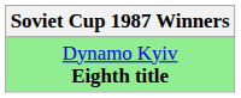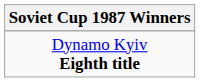 <table class="wikitable" style="text-align: center; margin: 0 auto;">
 <tr>
 <th>Soviet Cup 1987 Winners</th>
 </tr>
 <tr>
 </tr>
 <tr>
-<td style="background: lightgreen;"><a href='#'>Dynamo Kyiv</a><br><strong>Eighth title</strong></td>
+<td><a href='#'>Dynamo Kyiv</a><br><strong>Eighth title</strong></td>
 </tr>
 </table>
